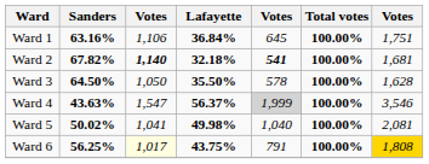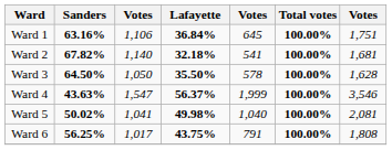 <table width="55%" class="wikitable sortable">
 <tr>
 <th width="9%">Ward</th>
 <th width="8%">Sanders</th>
 <th width="8%">Votes</th>
 <th width="8%">Lafayette</th>
 <th width="8%">Votes</th>
 <th width="8%">Total votes</th>
 <th width="8%">Votes</th>
 </tr>
 <tr>
 <td align="center" >Ward 1</td>
 <td align="center"><strong>63.16%</strong></td>
 <td align="center"><em>1,106</em></td>
 <td align="center"><strong>36.84%</strong></td>
 <td align="center"><em>645</em></td>
 <td align="center"><strong>100.00%</strong></td>
 <td align="center"><em>1,751</em></td>
 </tr>
 <tr>
 <td align="center" >Ward 2</td>
 <td align="center"><strong>67.82%</strong></td>
-<td align="center"><strong><em>1,140</em></strong></td>
+<td align="center"><em>1,140</em></td>
 <td align="center"><strong>32.18%</strong></td>
-<td align="center"><strong><em>541</em></strong></td>
+<td align="center"><em>541</em></td>
 <td align="center"><strong>100.00%</strong></td>
 <td align="center"><em>1,681</em></td>
 </tr>
 <tr>
 <td align="center" >Ward 3</td>
 <td align="center"><strong>64.50%</strong></td>
 <td align="center"><em>1,050</em></td>
 <td align="center"><strong>35.50%</strong></td>
 <td align="center"><em>578</em></td>
 <td align="center"><strong>100.00%</strong></td>
 <td align="center"><em>1,628</em></td>
 </tr>
 <tr>
 <td align="center" >Ward 4</td>
 <td align="center"><strong>43.63%</strong></td>
 <td align="center"><em>1,547</em></td>
 <td align="center"><strong>56.37%</strong></td>
-<td align="center" style="background: lightgrey;"><em>1,999</em></td>
+<td align="center"><em>1,999</em></td>
 <td align="center"><strong>100.00%</strong></td>
 <td align="center"><em>3,546</em></td>
 </tr>
 <tr>
 <td align="center" >Ward 5</td>
 <td align="center"><strong>50.02%</strong></td>
 <td align="center"><em>1,041</em></td>
 <td align="center"><strong>49.98%</strong></td>
 <td align="center"><em>1,040</em></td>
 <td align="center"><strong>100.00%</strong></td>
 <td align="center"><em>2,081</em></td>
 </tr>
 <tr>
 <td align="center" >Ward 6</td>
 <td align="center"><strong>56.25%</strong></td>
-<td align="center" style="background: lightyellow;"><em>1,017</em></td>
+<td align="center"><em>1,017</em></td>
 <td align="center"><strong>43.75%</strong></td>
 <td align="center"><em>791</em></td>
 <td align="center"><strong>100.00%</strong></td>
-<td align="center" style="background: gold;"><em>1,808</em></td>
+<td align="center"><em>1,808</em></td>
 </tr>
 <tr>
 </tr>
 </table>
